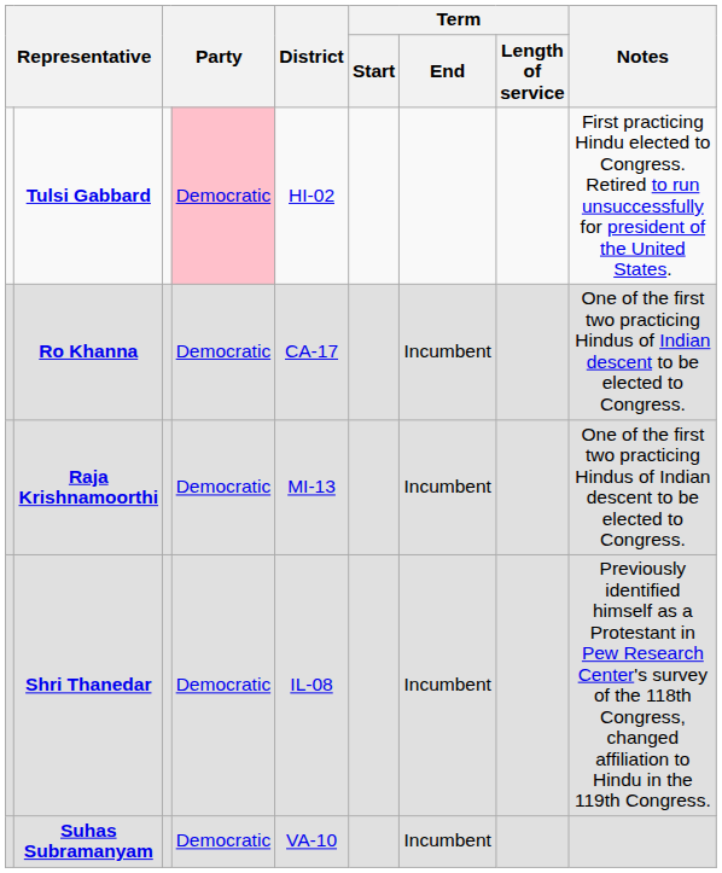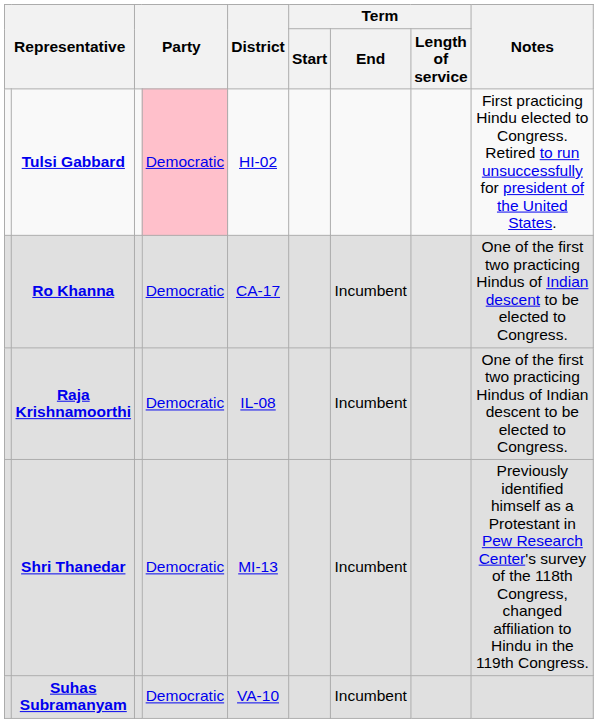 <table class="wikitable sortable" style="text-align:center">
 <tr>
 <th rowspan=2 colspan=2>Representative</th>
 <th rowspan=2 colspan=2>Party</th>
 <th rowspan=2>District</th>
 <th colspan=3>Term</th>
 <th rowspan=2>Notes</th>
 </tr>
 <tr>
 <th>Start</th>
 <th>End</th>
 <th>Length of<br>service</th>
 </tr>
 <tr>
 <td data-sort-value="Gabbard, Tulsi"></td>
 <td><strong><a href='#'>Tulsi Gabbard</a></strong></td>
 <td style="background-color:"></td>
 <td style="background: pink;"><a href='#'>Democratic</a></td>
 <td><a href='#'>HI-02</a></td>
 <td></td>
 <td></td>
 <td></td>
 <td>First practicing Hindu elected to Congress. Retired <a href='#'>to run unsuccessfully</a> for <a href='#'>president of the United States</a>.</td>
 </tr>
 <tr style="background:#e0e0e0">
 <td data-sort-value="Khanna, Ro"></td>
 <td><strong><a href='#'>Ro Khanna</a></strong></td>
 <td style="background-color:"></td>
 <td><a href='#'>Democratic</a></td>
 <td><a href='#'>CA-17</a></td>
 <td></td>
 <td>Incumbent</td>
 <td></td>
 <td>One of the first two practicing Hindus of <a href='#'>Indian descent</a> to be elected to Congress.</td>
 </tr>
 <tr style="background:#e0e0e0">
 <td data-sort-value="Krishnamoorthi, Raja"></td>
 <td><strong><a href='#'>Raja Krishnamoorthi</a></strong></td>
 <td style="background-color:"></td>
 <td><a href='#'>Democratic</a></td>
-<td><a href='#'>MI-13</a></td>
+<td><a href='#'>IL-08</a></td>
 <td></td>
 <td>Incumbent</td>
 <td></td>
 <td>One of the first two practicing Hindus of Indian descent to be elected to Congress.</td>
 </tr>
 <tr style="background:#e0e0e0">
 <td data-sort-value="Thanedar, Shri"></td>
 <td><strong><a href='#'>Shri Thanedar</a></strong></td>
 <td style="background-color:"></td>
 <td><a href='#'>Democratic</a></td>
-<td><a href='#'>IL-08</a></td>
+<td><a href='#'>MI-13</a></td>
 <td></td>
 <td>Incumbent</td>
 <td></td>
 <td>Previously identified himself as a Protestant in <a href='#'>Pew Research Center</a>'s survey of the 118th Congress, changed affiliation to Hindu in the 119th Congress.</td>
 </tr>
 <tr style="background:#e0e0e0">
 <td data-sort-value="Subramanyam, Suhas"></td>
 <td><strong><a href='#'>Suhas Subramanyam</a></strong></td>
 <td style="background-color:"></td>
 <td><a href='#'>Democratic</a></td>
 <td><a href='#'>VA-10</a></td>
 <td></td>
 <td>Incumbent</td>
 <td></td>
 <td></td>
 </tr>
 </table>
